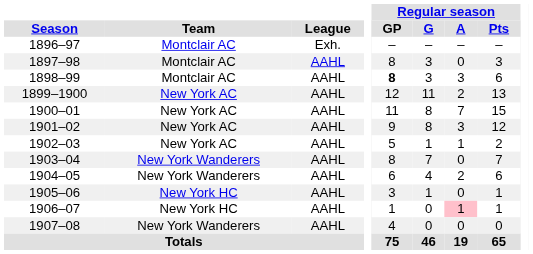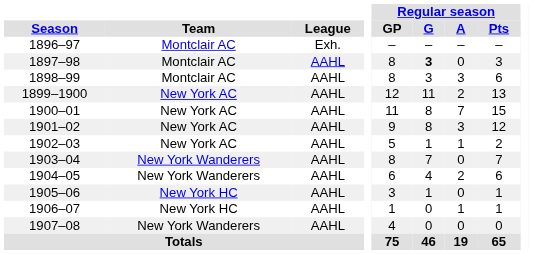 <table border="0" cellpadding="1" cellspacing="0" style="text-align:center; width:40em">
 <tr bgcolor="#e0e0e0">
 <th colspan="3" bgcolor="#ffffff"> </th>
 <th rowspan="99" bgcolor="#ffffff"> </th>
 <th colspan="5"><a href='#'>Regular season</a></th>
 <th rowspan="99" bgcolor="#ffffff"> </th>
 </tr>
 <tr bgcolor="#e0e0e0">
 <th><a href='#'>Season</a></th>
 <th>Team</th>
 <th>League</th>
 <th>GP</th>
 <th><a href='#'>G</a></th>
 <th><a href='#'>A</a></th>
 <th><a href='#'>Pts</a></th>
 </tr>
 <tr>
 <td>1896–97</td>
 <td><a href='#'>Montclair AC</a></td>
 <td>Exh.</td>
 <td>–</td>
 <td>–</td>
 <td>–</td>
 <td>–</td>
 </tr>
 <tr bgcolor="#f0f0f0">
 <td>1897–98</td>
 <td>Montclair AC</td>
 <td><a href='#'>AAHL</a></td>
 <td>8</td>
-<td>3</td>
+<td><strong>3</strong></td>
 <td>0</td>
 <td>3</td>
 </tr>
 <tr>
 <td>1898–99</td>
 <td>Montclair AC</td>
 <td>AAHL</td>
-<td><strong>8</strong></td>
+<td>8</td>
 <td>3</td>
 <td>3</td>
 <td>6</td>
 </tr>
 <tr bgcolor="#f0f0f0">
 <td>1899–1900</td>
 <td><a href='#'>New York AC</a></td>
 <td>AAHL</td>
 <td>12</td>
 <td>11</td>
 <td>2</td>
 <td>13</td>
 </tr>
 <tr>
 <td>1900–01</td>
 <td>New York AC</td>
 <td>AAHL</td>
 <td>11</td>
 <td>8</td>
 <td>7</td>
 <td>15</td>
 </tr>
 <tr bgcolor="#f0f0f0">
 <td>1901–02</td>
 <td>New York AC</td>
 <td>AAHL</td>
 <td>9</td>
 <td>8</td>
 <td>3</td>
 <td>12</td>
 </tr>
 <tr>
 <td>1902–03</td>
 <td>New York AC</td>
 <td>AAHL</td>
 <td>5</td>
 <td>1</td>
 <td>1</td>
 <td>2</td>
 </tr>
 <tr bgcolor="#f0f0f0">
 <td>1903–04</td>
 <td><a href='#'>New York Wanderers</a></td>
 <td>AAHL</td>
 <td>8</td>
 <td>7</td>
 <td>0</td>
 <td>7</td>
 </tr>
 <tr>
 <td>1904–05</td>
 <td>New York Wanderers</td>
 <td>AAHL</td>
 <td>6</td>
 <td>4</td>
 <td>2</td>
 <td>6</td>
 </tr>
 <tr bgcolor="#f0f0f0">
 <td>1905–06</td>
 <td><a href='#'>New York HC</a></td>
 <td>AAHL</td>
 <td>3</td>
 <td>1</td>
 <td>0</td>
 <td>1</td>
 </tr>
 <tr>
 <td>1906–07</td>
 <td>New York HC</td>
 <td>AAHL</td>
 <td>1</td>
 <td>0</td>
-<td style="background: pink;">1</td>
+<td>1</td>
 <td>1</td>
 </tr>
 <tr bgcolor="#f0f0f0">
 <td>1907–08</td>
 <td>New York Wanderers</td>
 <td>AAHL</td>
 <td>4</td>
 <td>0</td>
 <td>0</td>
 <td>0</td>
 </tr>
 <tr bgcolor="#E0E0E0">
 <th colspan="3">Totals</th>
 <th>75</th>
 <th>46</th>
 <th>19</th>
 <th>65</th>
 </tr>
 </table>
